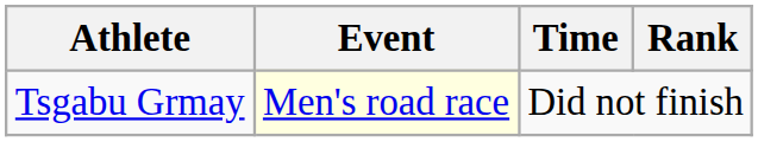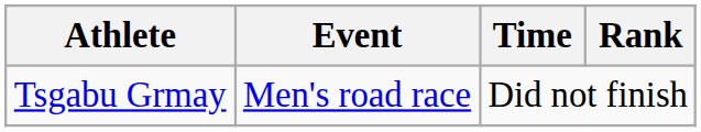 <table class="wikitable" style="font-size:90%">
 <tr>
 <th>Athlete</th>
 <th>Event</th>
 <th>Time</th>
 <th>Rank</th>
 </tr>
 <tr align=center>
 <td align=left><a href='#'>Tsgabu Grmay</a></td>
-<td align=left style="background: lightyellow;"><a href='#'>Men's road race</a></td>
+<td align=left><a href='#'>Men's road race</a></td>
 <td colspan=2>Did not finish</td>
 </tr>
 </table>
